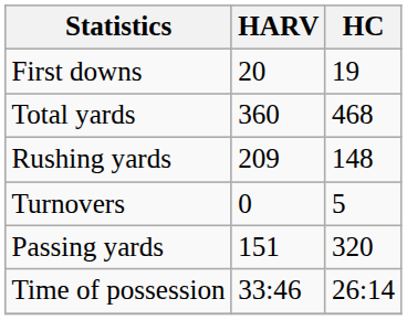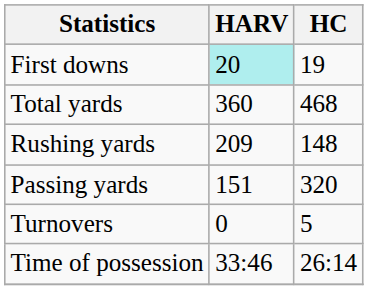 <table class="wikitable" style="float: left;">
 <tr>
 <th>Statistics</th>
 <th>HARV</th>
 <th>HC</th>
 </tr>
 <tr>
 <td>First downs</td>
-<td>20</td>
+<td style="background: paleturquoise;">20</td>
 <td>19</td>
 </tr>
 <tr>
 <td>Total yards</td>
 <td>360</td>
 <td>468</td>
 </tr>
 <tr>
 <td>Rushing yards</td>
 <td>209</td>
 <td>148</td>
 </tr>
 <tr>
+<td>Passing yards</td>
+<td>151</td>
+<td>320</td>
+</tr>
+<tr>
 <td>Turnovers</td>
 <td>0</td>
 <td>5</td>
-</tr>
-<tr>
-<td>Passing yards</td>
-<td>151</td>
-<td>320</td>
 </tr>
 <tr>
 <td>Time of possession</td>
 <td>33:46</td>
 <td>26:14</td>
 </tr>
 <tr>
 </tr>
 </table>
